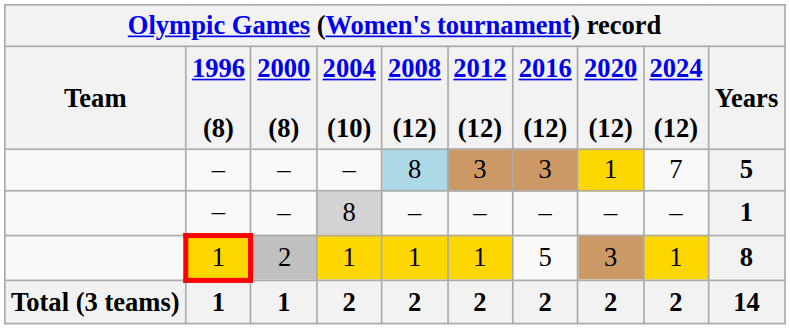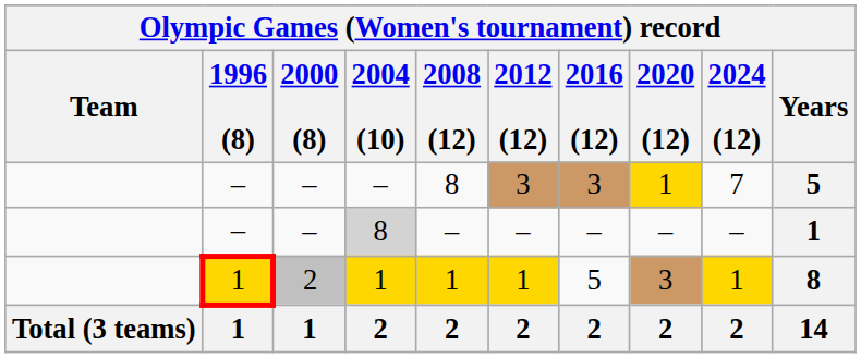 <table class="wikitable" style="text-align:center">
 <tr>
 <th colspan=10><a href='#'>Olympic Games</a> (<a href='#'>Women's tournament</a>) record</th>
 </tr>
 <tr>
 <th>Team</th>
 <th><a href='#'>1996</a><br><br>(8)</th>
 <th><a href='#'>2000</a><br><br>(8)</th>
 <th><a href='#'>2004</a><br><br>(10)</th>
 <th><a href='#'>2008</a><br><br>(12)</th>
 <th><a href='#'>2012</a><br><br>(12)</th>
 <th><a href='#'>2016</a><br><br>(12)</th>
 <th><a href='#'>2020</a><br><br>(12)</th>
 <th><a href='#'>2024</a><br><br>(12)</th>
 <th>Years</th>
 </tr>
 <tr>
 <td align=left></td>
 <td>–</td>
 <td>–</td>
 <td>–</td>
-<td style="background: lightblue;">8</td>
+<td>8</td>
 <td style="background:#c96;">3</td>
 <td style="background:#c96;">3</td>
 <td bgcolor=gold>1</td>
 <td>7</td>
 <th>5</th>
 </tr>
 <tr>
 <td align=left></td>
 <td>–</td>
 <td>–</td>
 <td style="background: lightgrey;">8</td>
 <td>–</td>
 <td>–</td>
 <td>–</td>
 <td>–</td>
 <td>–</td>
 <th>1</th>
 </tr>
 <tr>
 <td align=left></td>
 <td style="border:3px solid red; background:gold;">1</td>
 <td style="background:silver;">2</td>
 <td bgcolor=gold>1</td>
 <td bgcolor=gold>1</td>
 <td bgcolor=gold>1</td>
 <td>5</td>
 <td style="background:#c96;">3</td>
 <td bgcolor=gold>1</td>
 <th>8</th>
 </tr>
 <tr>
 <th align=left>Total (3 teams)</th>
 <th>1</th>
 <th>1</th>
 <th>2</th>
 <th>2</th>
 <th>2</th>
 <th>2</th>
 <th>2</th>
 <th>2</th>
 <th>14</th>
 </tr>
 </table>
